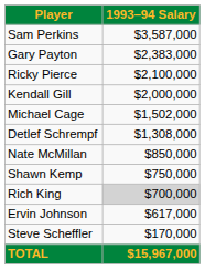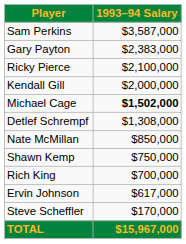 <table width=250 px; class="wikitable sortable sortable">
 <tr>
 <th style="background:#00843D; color:#Fdb927" width="50%">Player</th>
 <th style="background:#00843D; color:#Fdb927" width="50%">1993–94 Salary</th>
 </tr>
 <tr>
 <td>Sam Perkins</td>
 <td align="right">$3,587,000</td>
 </tr>
 <tr>
 <td>Gary Payton</td>
 <td align="right">$2,383,000</td>
 </tr>
 <tr>
 <td>Ricky Pierce</td>
 <td align="right">$2,100,000</td>
 </tr>
 <tr>
 <td>Kendall Gill</td>
 <td align="right">$2,000,000</td>
 </tr>
 <tr>
 <td>Michael Cage</td>
-<td align="right">$1,502,000</td>
+<td align="right"><strong>$1,502,000</strong></td>
 </tr>
 <tr>
 <td>Detlef Schrempf</td>
 <td align="right">$1,308,000</td>
 </tr>
 <tr>
 <td>Nate McMillan</td>
 <td align="right">$850,000</td>
 </tr>
 <tr>
 <td>Shawn Kemp</td>
 <td align="right">$750,000</td>
 </tr>
 <tr>
 <td>Rich King</td>
-<td align="right" style="background: lightgrey;">$700,000</td>
+<td align="right">$700,000</td>
 </tr>
 <tr>
 <td>Ervin Johnson</td>
 <td align="right">$617,000</td>
 </tr>
 <tr>
 <td>Steve Scheffler</td>
 <td align="right">$170,000</td>
 </tr>
 <tr class="sortbottom">
 <td style="background:#00843D; color:#Fdb927" width="50%"><strong>TOTAL</strong></td>
 <td style="background:#00843D; color:#Fdb927" width="50%" align="right"><strong>$15,967,000</strong></td>
 </tr>
 </table>
